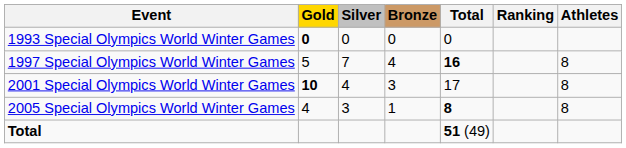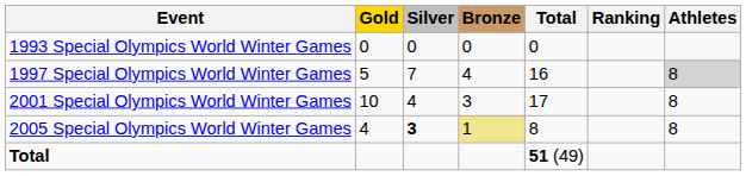 <table class="wikitable">
 <tr>
 <th>Event</th>
 <td style="background:gold; font-weight:bold;">Gold</td>
 <td style="background:silver; font-weight:bold;">Silver</td>
 <td style="background:#cc9966; font-weight:bold;">Bronze</td>
 <th>Total</th>
 <th>Ranking</th>
 <th>Athletes</th>
 </tr>
 <tr>
 <td><a href='#'>1993 Special Olympics World Winter Games</a></td>
-<td><strong>0</strong></td>
+<td>0</td>
 <td>0</td>
 <td>0</td>
 <td>0</td>
 <td></td>
 <td></td>
 </tr>
 <tr>
 <td><a href='#'>1997 Special Olympics World Winter Games</a></td>
 <td>5</td>
 <td>7</td>
 <td>4</td>
-<td><strong>16</strong></td>
+<td>16</td>
 <td></td>
-<td>8</td>
+<td style="background: lightgrey;">8</td>
 </tr>
 <tr>
 <td><a href='#'>2001 Special Olympics World Winter Games</a></td>
-<td><strong>10</strong></td>
+<td>10</td>
 <td>4</td>
 <td>3</td>
 <td>17</td>
 <td></td>
 <td>8</td>
 </tr>
 <tr>
 <td><a href='#'>2005 Special Olympics World Winter Games</a></td>
 <td>4</td>
-<td>3</td>
-<td>1</td>
-<td><strong>8</strong></td>
+<td><strong>3</strong></td>
+<td style="background: khaki;">1</td>
+<td>8</td>
 <td></td>
 <td>8</td>
 </tr>
 <tr>
 <td><strong> Total</strong></td>
 <td><strong> </strong></td>
 <td><strong> </strong></td>
 <td><strong> </strong></td>
 <td><strong>51</strong> (49)</td>
 <td></td>
 </tr>
 </table>
